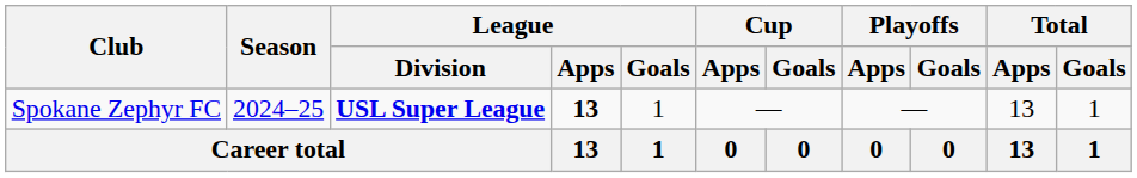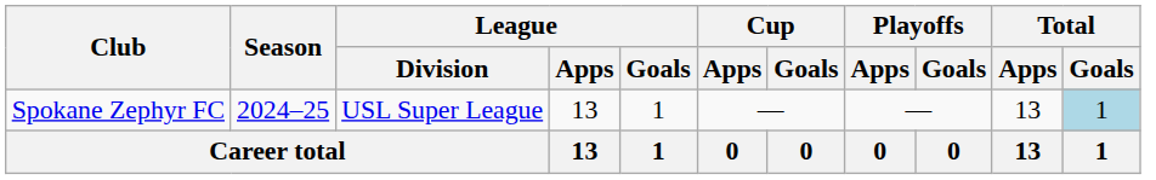 <table class="wikitable" style="text-align: center;">
 <tr>
 <th rowspan="2">Club</th>
 <th rowspan="2">Season</th>
 <th colspan="3">League</th>
 <th colspan="2">Cup</th>
 <th colspan="2">Playoffs</th>
 <th colspan="2">Total</th>
 </tr>
 <tr>
 <th>Division</th>
 <th>Apps</th>
 <th>Goals</th>
 <th>Apps</th>
 <th>Goals</th>
 <th>Apps</th>
 <th>Goals</th>
 <th>Apps</th>
 <th>Goals</th>
 </tr>
 <tr>
 <td><a href='#'>Spokane Zephyr FC</a></td>
 <td><a href='#'>2024–25</a></td>
-<td><strong><a href='#'>USL Super League</a></strong></td>
-<td><strong>13</strong></td>
+<td><a href='#'>USL Super League</a></td>
+<td>13</td>
 <td>1</td>
 <td colspan="2">—</td>
 <td colspan="2">—</td>
 <td>13</td>
-<td>1</td>
+<td style="background: lightblue;">1</td>
 </tr>
 <tr>
 <th colspan="3">Career total</th>
 <th>13</th>
 <th>1</th>
 <th>0</th>
 <th>0</th>
 <th>0</th>
 <th>0</th>
 <th>13</th>
 <th>1</th>
 </tr>
 </table>
